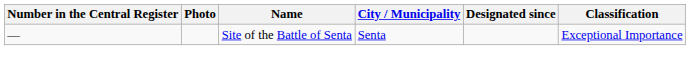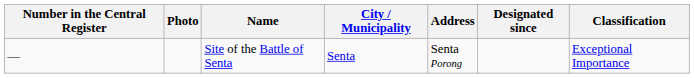 <table class="wikitable sortable">
 <tr>
 <th>Number in the Central Register</th>
 <th>Photo</th>
 <th>Name</th>
 <th><a href='#'>City / Municipality</a></th>
+<th>Address</th>
 <th>Designated since</th>
 <th>Classification</th>
 </tr>
 <tr>
 <td>—</td>
 <td></td>
 <td><a href='#'>Site</a> of the <a href='#'>Battle of Senta</a></td>
 <td><a href='#'>Senta</a></td>
+<td>Senta<br><small><em>Porong</em></small> </td>
 <td></td>
 <td><a href='#'>Exceptional Importance</a></td>
 </tr>
 </table>
